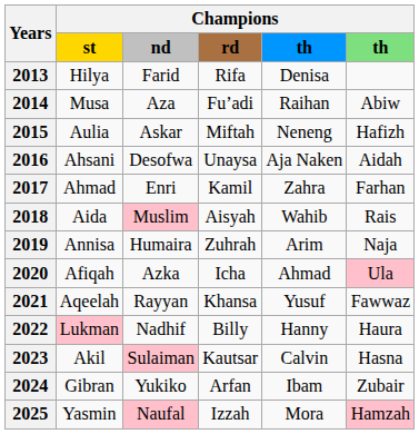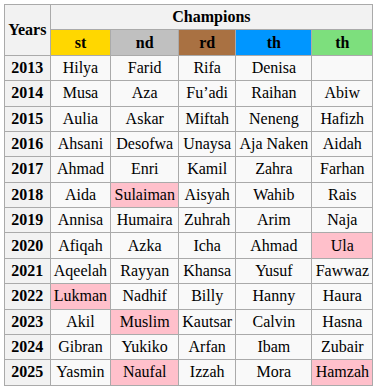 <table class="wikitable" style="text-align:center; font-size:100%">
 <tr>
 <th rowspan="2">Years</th>
 <th colspan="5">Champions</th>
 </tr>
 <tr>
 <th style="background:gold;">st</th>
 <th style="background:silver;">nd</th>
 <th style="background:#a97142;">rd</th>
 <th style="background:#0096ff;">th</th>
 <th style="background:RGB(125,223,125);">th</th>
 </tr>
 <tr>
 <th>2013</th>
 <td>Hilya<br></td>
 <td>Farid<br></td>
 <td>Rifa<br></td>
 <td>Denisa<br></td>
 <td> </td>
 </tr>
 <tr>
 <th>2014</th>
 <td>Musa<br></td>
 <td>Aza<br></td>
 <td>Fu’adi<br></td>
 <td>Raihan<br></td>
 <td>Abiw<br></td>
 </tr>
 <tr>
 <th>2015</th>
 <td>Aulia<br></td>
 <td>Askar<br></td>
 <td>Miftah<br></td>
 <td>Neneng<br></td>
 <td>Hafizh<br></td>
 </tr>
 <tr>
 <th>2016</th>
 <td>Ahsani<br></td>
 <td>Desofwa<br></td>
 <td>Unaysa<br></td>
 <td>Aja Naken<br></td>
 <td>Aidah<br></td>
 </tr>
 <tr>
 <th>2017</th>
 <td>Ahmad<br></td>
 <td>Enri<br></td>
 <td>Kamil<br></td>
 <td>Zahra<br></td>
 <td>Farhan<br></td>
 </tr>
 <tr>
 <th>2018</th>
 <td>Aida<br></td>
-<td style="background:Pink">Muslim<br></td>
+<td style="background:Pink">Sulaiman<br></td>
 <td>Aisyah<br></td>
 <td>Wahib<br></td>
 <td>Rais<br></td>
 </tr>
 <tr>
 <th>2019</th>
 <td>Annisa<br></td>
 <td>Humaira<br></td>
 <td>Zuhrah<br></td>
 <td>Arim<br></td>
 <td>Naja<br></td>
 </tr>
 <tr>
 <th>2020</th>
 <td>Afiqah<br></td>
 <td>Azka<br></td>
 <td>Icha<br></td>
 <td>Ahmad<br></td>
 <td style="background:Pink">Ula<br></td>
 </tr>
 <tr>
 <th>2021</th>
 <td>Aqeelah<br></td>
 <td>Rayyan<br></td>
 <td>Khansa<br></td>
 <td>Yusuf<br></td>
 <td>Fawwaz<br></td>
 </tr>
 <tr>
 <th>2022</th>
 <td style="background:Pink">Lukman<br></td>
 <td>Nadhif<br></td>
 <td>Billy<br></td>
 <td>Hanny<br></td>
 <td>Haura<br></td>
 </tr>
 <tr>
 <th>2023</th>
 <td>Akil<br></td>
-<td style="background:Pink">Sulaiman<br></td>
+<td style="background:Pink">Muslim<br></td>
 <td>Kautsar<br></td>
 <td>Calvin<br></td>
 <td>Hasna<br></td>
 </tr>
 <tr>
 <th>2024</th>
 <td>Gibran<br></td>
 <td>Yukiko<br></td>
 <td>Arfan<br></td>
 <td>Ibam<br></td>
 <td>Zubair<br></td>
 </tr>
 <tr>
 <th>2025</th>
 <td>Yasmin<br></td>
 <td style="background:Pink">Naufal<br></td>
 <td>Izzah<br></td>
 <td>Mora<br></td>
 <td style="background:Pink">Hamzah<br></td>
 </tr>
 </table>
